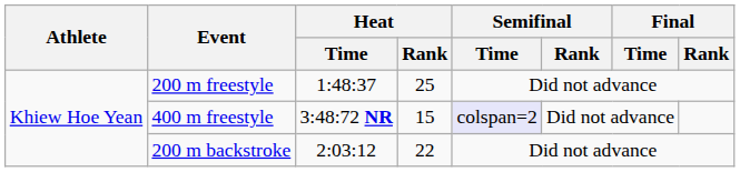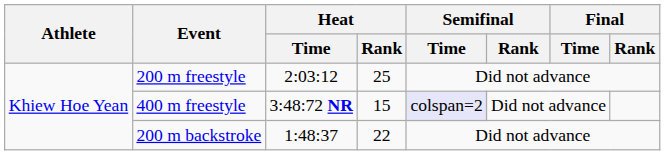 <table class="wikitable" style="font-size:90%;">
 <tr>
 <th rowspan="2">Athlete</th>
 <th rowspan="2">Event</th>
 <th colspan="2">Heat</th>
 <th colspan="2">Semifinal</th>
 <th colspan="2">Final</th>
 </tr>
 <tr>
 <th>Time</th>
 <th>Rank</th>
 <th>Time</th>
 <th>Rank</th>
 <th>Time</th>
 <th>Rank</th>
 </tr>
 <tr align="center">
 <td rowspan="3" align="left"><a href='#'>Khiew Hoe Yean</a></td>
 <td align="left"><a href='#'>200 m freestyle</a></td>
-<td>1:48:37</td>
+<td>2:03:12</td>
 <td>25</td>
 <td colspan=4>Did not advance</td>
 </tr>
 <tr align="center">
 <td align="left"><a href='#'>400 m freestyle</a></td>
 <td>3:48:72 <strong><a href='#'>NR</a></strong></td>
 <td>15</td>
 <td style="background: lavender;">colspan=2 </td>
 <td colspan=2>Did not advance</td>
 </tr>
 <tr align="center">
 <td align="left"><a href='#'>200 m backstroke</a></td>
-<td>2:03:12</td>
+<td>1:48:37</td>
 <td>22</td>
 <td colspan=4>Did not advance</td>
 </tr>
 </table>
